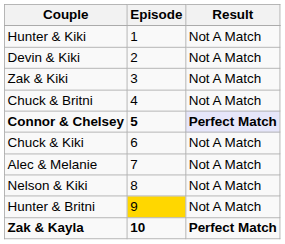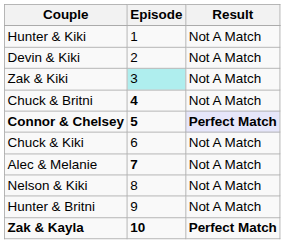 <table class="wikitable">
 <tr valign="bottom">
 <th>Couple</th>
 <th>Episode</th>
 <th>Result</th>
 </tr>
 <tr valign="top">
 </tr>
 <tr>
 <td>Hunter & Kiki</td>
 <td>1</td>
 <td>Not A Match</td>
 </tr>
 <tr>
 <td>Devin & Kiki</td>
 <td>2</td>
 <td>Not A Match</td>
 </tr>
 <tr>
 <td>Zak & Kiki</td>
-<td>3</td>
+<td style="background: paleturquoise;">3</td>
 <td>Not A Match</td>
 </tr>
 <tr>
 <td>Chuck & Britni</td>
-<td>4</td>
+<td><strong>4</strong></td>
 <td>Not A Match</td>
 </tr>
 <tr>
 <td><strong>Connor & Chelsey</strong></td>
 <td><strong>5</strong></td>
 <td style="background: lavender;"><strong>Perfect Match</strong></td>
 </tr>
 <tr>
 <td>Chuck & Kiki</td>
 <td>6</td>
 <td>Not A Match</td>
 </tr>
 <tr>
 <td>Alec & Melanie</td>
-<td>7</td>
+<td><strong>7</strong></td>
 <td>Not A Match</td>
 </tr>
 <tr>
 <td>Nelson & Kiki</td>
 <td>8</td>
 <td>Not A Match</td>
 </tr>
 <tr>
 <td>Hunter & Britni</td>
-<td style="background: gold;">9</td>
+<td>9</td>
 <td>Not A Match</td>
 </tr>
 <tr>
 <td><strong>Zak & Kayla</strong></td>
 <td><strong>10</strong></td>
 <td><strong>Perfect Match</strong></td>
 </tr>
 </table>
